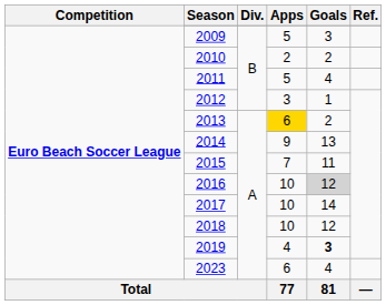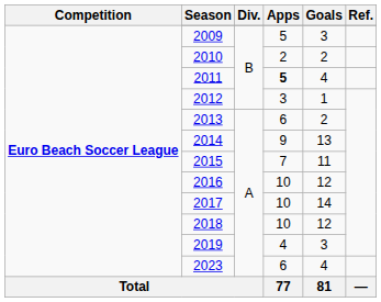 <table class="wikitable" style="text-align:center;">
 <tr>
 <th>Competition</th>
 <th>Season</th>
 <th>Div.</th>
 <th>Apps</th>
 <th>Goals</th>
 <th>Ref.</th>
 </tr>
 <tr>
 <td rowspan="13"><strong><a href='#'>Euro Beach Soccer League</a></strong></td>
 </tr>
 <tr>
 <td><a href='#'>2009</a></td>
 <td rowspan=4>B</td>
 <td>5</td>
 <td>3</td>
 <td></td>
 </tr>
 <tr>
 <td><a href='#'>2010</a></td>
 <td>2</td>
 <td>2</td>
 <td></td>
 </tr>
 <tr>
 <td><a href='#'>2011</a></td>
-<td>5</td>
+<td><strong>5</strong></td>
 <td>4</td>
 <td></td>
 </tr>
 <tr>
 <td><a href='#'>2012</a></td>
 <td>3</td>
 <td>1</td>
 <td rowspan=8></td>
 </tr>
 <tr>
 <td><a href='#'>2013</a></td>
 <td rowspan=8>A</td>
-<td style="background: gold;">6</td>
+<td>6</td>
 <td>2</td>
 </tr>
 <tr>
 <td><a href='#'>2014</a></td>
 <td>9</td>
 <td>13</td>
 </tr>
 <tr>
 <td><a href='#'>2015</a></td>
 <td>7</td>
 <td>11</td>
 </tr>
 <tr>
 <td><a href='#'>2016</a></td>
 <td>10</td>
-<td style="background: lightgrey;">12</td>
+<td>12</td>
 </tr>
 <tr>
 <td><a href='#'>2017</a></td>
 <td>10</td>
 <td>14</td>
 </tr>
 <tr>
 <td><a href='#'>2018</a></td>
 <td>10</td>
 <td>12</td>
 </tr>
 <tr>
 <td><a href='#'>2019</a></td>
 <td>4</td>
-<td><strong>3</strong></td>
+<td>3</td>
 </tr>
 <tr>
 <td><a href='#'>2023</a></td>
 <td>6</td>
 <td>4</td>
 <td></td>
 </tr>
 <tr>
 <th colspan=3>Total</th>
 <th>77</th>
 <th>81</th>
 <th>—</th>
 </tr>
 </table>
